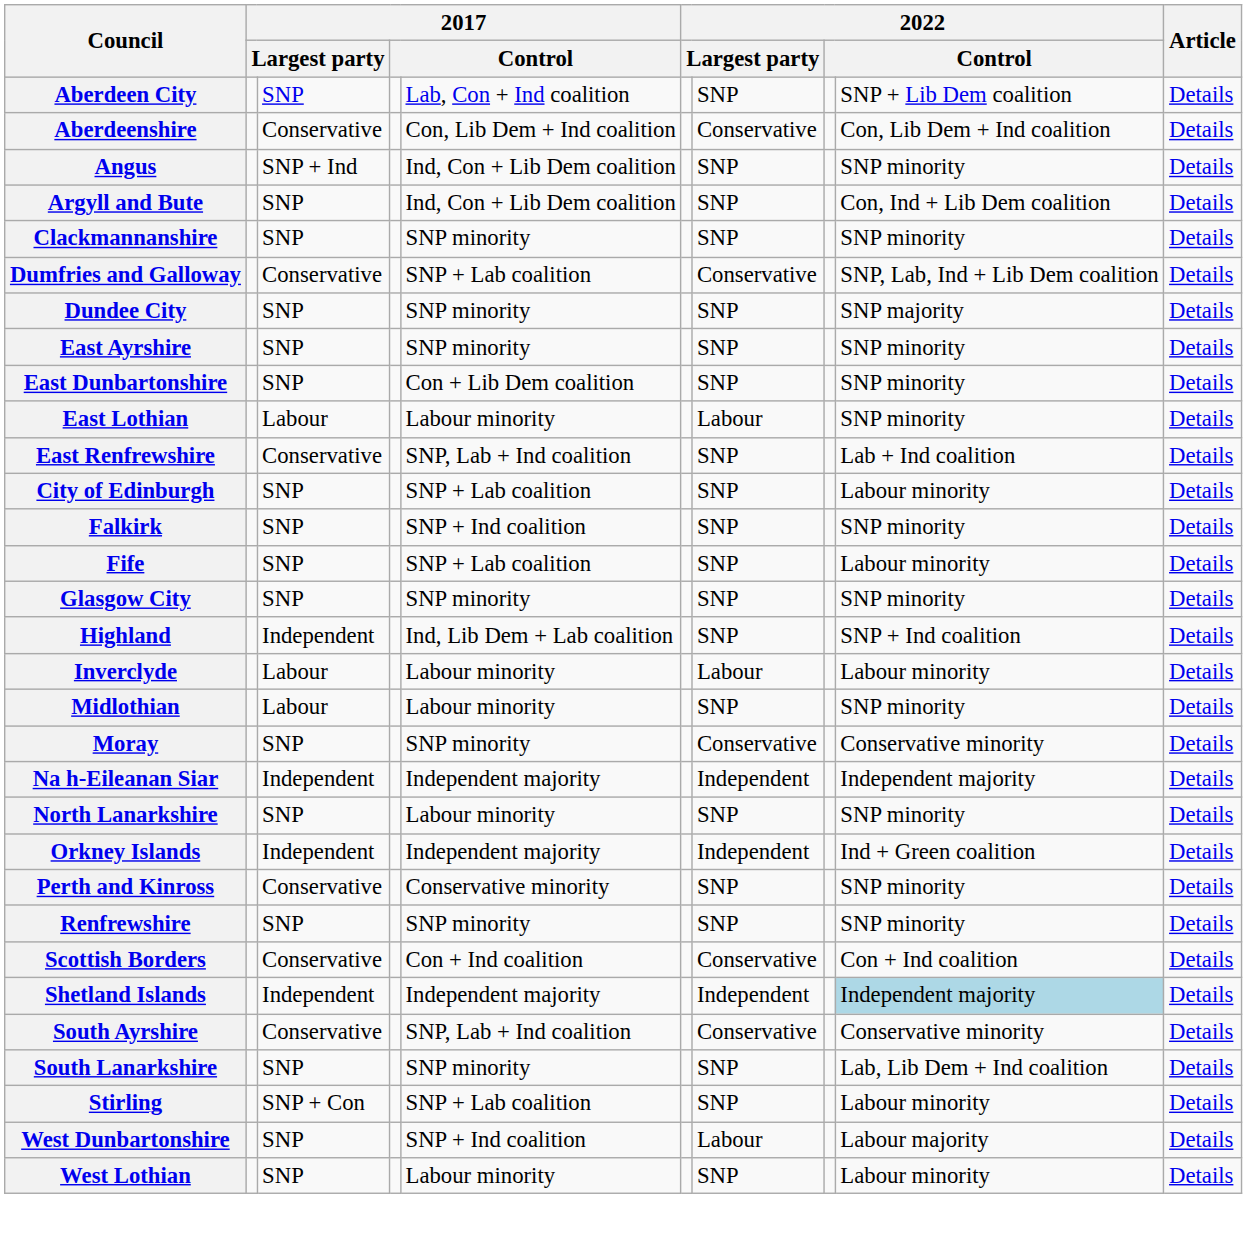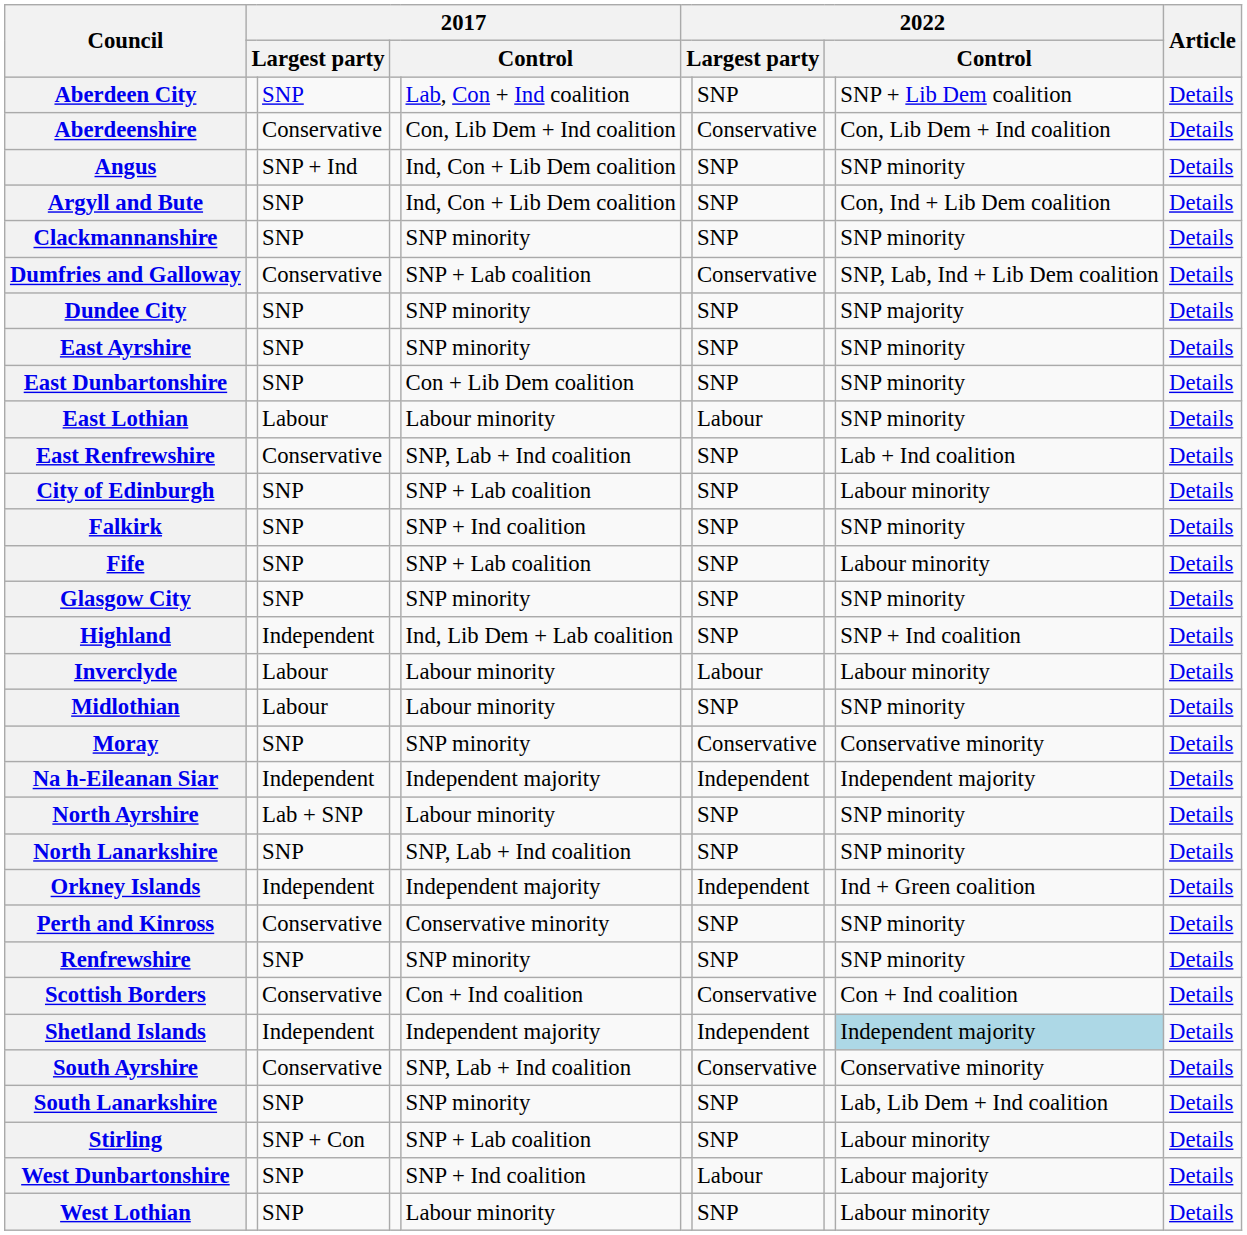 <table class="wikitable">
 <tr>
 <th scope="col" rowspan="2">Council</th>
 <th scope="col" colspan="4">2017</th>
 <th scope="col" colspan="4">2022</th>
 <th scope="col" rowspan="2">Article</th>
 </tr>
 <tr>
 <th colspan="2">Largest party</th>
 <th colspan="2">Control</th>
 <th colspan="2">Largest party</th>
 <th colspan="2">Control</th>
 </tr>
 <tr>
 <th scope="row"><a href='#'>Aberdeen City</a></th>
 <td style="color:inherit;background-color:"></td>
 <td><a href='#'>SNP</a></td>
 <td style="color:inherit;background-color:"></td>
 <td><a href='#'>Lab</a>, <a href='#'>Con</a> + <a href='#'>Ind</a> coalition</td>
 <td style="color:inherit;background-color:"></td>
 <td>SNP</td>
 <td style="color:inherit;background-color:"></td>
 <td>SNP + <a href='#'>Lib Dem</a> coalition</td>
 <td><a href='#'>Details</a></td>
 </tr>
 <tr>
 <th scope="row"><a href='#'>Aberdeenshire</a></th>
 <td style="color:inherit;background-color:"></td>
 <td>Conservative</td>
 <td style="color:inherit;background-color:"></td>
 <td>Con, Lib Dem + Ind coalition</td>
 <td style="color:inherit;background-color:"></td>
 <td>Conservative</td>
 <td style="color:inherit;background-color:"></td>
 <td>Con, Lib Dem + Ind coalition</td>
 <td><a href='#'>Details</a></td>
 </tr>
 <tr>
 <th scope="row"><a href='#'>Angus</a></th>
 <td style="color:inherit;background-color:"></td>
 <td>SNP + Ind</td>
 <td style="color:inherit;background-color:"></td>
 <td>Ind, Con + Lib Dem coalition</td>
 <td style="color:inherit;background-color:"></td>
 <td>SNP</td>
 <td style="color:inherit;background-color:"></td>
 <td>SNP minority</td>
 <td><a href='#'>Details</a></td>
 </tr>
 <tr>
 <th scope="row"><a href='#'>Argyll and Bute</a></th>
 <td style="color:inherit;background-color:"></td>
 <td>SNP</td>
 <td style="color:inherit;background-color:"></td>
 <td>Ind, Con + Lib Dem coalition</td>
 <td style="color:inherit;background-color:"></td>
 <td>SNP</td>
 <td style="color:inherit;background-color:"></td>
 <td>Con, Ind + Lib Dem coalition</td>
 <td scope="row"><a href='#'>Details</a></td>
 </tr>
 <tr>
 <th><a href='#'>Clackmannanshire</a></th>
 <td style="color:inherit;background-color:"></td>
 <td>SNP</td>
 <td style="color:inherit;background-color:"></td>
 <td>SNP minority</td>
 <td style="color:inherit;background-color:"></td>
 <td>SNP</td>
 <td style="color:inherit;background-color:"></td>
 <td>SNP minority</td>
 <td><a href='#'>Details</a></td>
 </tr>
 <tr>
 <th scope="row"><a href='#'>Dumfries and Galloway</a></th>
 <td style="color:inherit;background-color:"></td>
 <td>Conservative</td>
 <td style="color:inherit;background-color:"></td>
 <td>SNP + Lab coalition</td>
 <td style="color:inherit;background-color:"></td>
 <td>Conservative</td>
 <td style="color:inherit;background-color:"></td>
 <td>SNP, Lab, Ind + Lib Dem coalition</td>
 <td><a href='#'>Details</a></td>
 </tr>
 <tr>
 <th scope="row"><a href='#'>Dundee City</a></th>
 <td style="color:inherit;background-color:"></td>
 <td>SNP</td>
 <td style="color:inherit;background-color:"></td>
 <td>SNP minority</td>
 <td style="color:inherit;background-color:"></td>
 <td>SNP</td>
 <td style="color:inherit;background-color:"></td>
 <td>SNP majority</td>
 <td><a href='#'>Details</a></td>
 </tr>
 <tr>
 <th scope="row"><a href='#'>East Ayrshire</a></th>
 <td style="color:inherit;background-color:"></td>
 <td>SNP</td>
 <td style="color:inherit;background-color:"></td>
 <td>SNP minority</td>
 <td style="color:inherit;background-color:"></td>
 <td>SNP</td>
 <td style="color:inherit;background-color:"></td>
 <td>SNP minority</td>
 <td><a href='#'>Details</a></td>
 </tr>
 <tr>
 <th scope="row"><a href='#'>East Dunbartonshire</a></th>
 <td style="color:inherit;background-color:"></td>
 <td>SNP</td>
 <td style="color:inherit;background-color:"></td>
 <td>Con + Lib Dem coalition</td>
 <td style="color:inherit;background-color:"></td>
 <td>SNP</td>
 <td style="color:inherit;background-color:"></td>
 <td>SNP minority</td>
 <td><a href='#'>Details</a></td>
 </tr>
 <tr>
 <th scope="row"><a href='#'>East Lothian</a></th>
 <td style="color:inherit;background-color:"></td>
 <td>Labour</td>
 <td style="color:inherit;background-color:"></td>
 <td>Labour minority</td>
 <td style="color:inherit;background-color:"></td>
 <td>Labour</td>
 <td style="color:inherit;background-color:"></td>
 <td>SNP minority</td>
 <td><a href='#'>Details</a></td>
 </tr>
 <tr>
 <th scope="row"><a href='#'>East Renfrewshire</a></th>
 <td style="color:inherit;background-color:"></td>
 <td>Conservative</td>
 <td style="color:inherit;background-color:"></td>
 <td>SNP, Lab + Ind coalition</td>
 <td style="color:inherit;background-color:"></td>
 <td>SNP</td>
 <td style="color:inherit;background-color:"></td>
 <td>Lab + Ind coalition</td>
 <td><a href='#'>Details</a></td>
 </tr>
 <tr>
 <th scope="row"><a href='#'>City of Edinburgh</a></th>
 <td style="color:inherit;background-color:"></td>
 <td>SNP</td>
 <td style="color:inherit;background-color:"></td>
 <td>SNP + Lab coalition</td>
 <td style="color:inherit;background-color:"></td>
 <td>SNP</td>
 <td style="color:inherit;background-color:"></td>
 <td>Labour minority</td>
 <td><a href='#'>Details</a></td>
 </tr>
 <tr>
 <th scope="row"><a href='#'>Falkirk</a></th>
 <td style="color:inherit;background-color:"></td>
 <td>SNP</td>
 <td style="color:inherit;background-color:"></td>
 <td>SNP + Ind coalition</td>
 <td style="color:inherit;background-color:"></td>
 <td>SNP</td>
 <td style="color:inherit;background-color:"></td>
 <td>SNP minority</td>
 <td><a href='#'>Details</a></td>
 </tr>
 <tr>
 <th scope="row"><a href='#'>Fife</a></th>
 <td style="color:inherit;background-color:"></td>
 <td>SNP</td>
 <td style="color:inherit;background-color:"></td>
 <td>SNP + Lab coalition</td>
 <td style="color:inherit;background-color:"></td>
 <td>SNP</td>
 <td style="color:inherit;background-color:"></td>
 <td>Labour minority</td>
 <td><a href='#'>Details</a></td>
 </tr>
 <tr>
 <th scope="row"><a href='#'>Glasgow City</a></th>
 <td style="color:inherit;background-color:"></td>
 <td>SNP</td>
 <td style="color:inherit;background-color:"></td>
 <td>SNP minority</td>
 <td style="color:inherit;background-color:"></td>
 <td>SNP</td>
 <td style="color:inherit;background-color:"></td>
 <td>SNP minority</td>
 <td><a href='#'>Details</a></td>
 </tr>
 <tr>
 <th scope="row"><a href='#'>Highland</a></th>
 <td style="color:inherit;background-color:"></td>
 <td>Independent</td>
 <td style="color:inherit;background-color:"></td>
 <td>Ind, Lib Dem + Lab coalition</td>
 <td style="color:inherit;background-color:"></td>
 <td>SNP</td>
 <td style="color:inherit;background-color:"></td>
 <td>SNP + Ind coalition</td>
 <td><a href='#'>Details</a></td>
 </tr>
 <tr>
 <th scope="row"><a href='#'>Inverclyde</a></th>
 <td style="color:inherit;background-color:"></td>
 <td>Labour</td>
 <td style="color:inherit;background-color:"></td>
 <td>Labour minority</td>
 <td style="color:inherit;background-color:"></td>
 <td>Labour</td>
 <td style="color:inherit;background-color:"></td>
 <td>Labour minority</td>
 <td><a href='#'>Details</a></td>
 </tr>
 <tr>
 <th scope="row"><a href='#'>Midlothian</a></th>
 <td style="color:inherit;background-color:"></td>
 <td>Labour</td>
 <td style="color:inherit;background-color:"></td>
 <td>Labour minority</td>
 <td style="color:inherit;background-color:"></td>
 <td>SNP</td>
 <td style="color:inherit;background-color:"></td>
 <td>SNP minority</td>
 <td><a href='#'>Details</a></td>
 </tr>
 <tr>
 <th scope="row"><a href='#'>Moray</a></th>
 <td style="color:inherit;background-color:"></td>
 <td>SNP</td>
 <td style="color:inherit;background-color:"></td>
 <td>SNP minority</td>
 <td style="color:inherit;background-color:"></td>
 <td>Conservative</td>
 <td style="color:inherit;background-color:"></td>
 <td>Conservative minority</td>
 <td><a href='#'>Details</a></td>
 </tr>
 <tr>
 <th scope="row"><a href='#'>Na h-Eileanan Siar</a></th>
 <td style="color:inherit;background-color:"></td>
 <td>Independent</td>
 <td style="color:inherit;background-color:"></td>
 <td>Independent majority</td>
 <td style="color:inherit;background-color:"></td>
 <td>Independent</td>
 <td style="color:inherit;background-color:"></td>
 <td>Independent majority</td>
 <td><a href='#'>Details</a></td>
 </tr>
 <tr>
+<th scope="row"><a href='#'>North Ayrshire</a></th>
+<td style="color:inherit;background-color:"></td>
+<td>Lab + SNP</td>
+<td style="color:inherit;background-color:"></td>
+<td>Labour minority</td>
+<td style="color:inherit;background-color:"></td>
+<td>SNP</td>
+<td style="color:inherit;background-color:"></td>
+<td>SNP minority</td>
+<td><a href='#'>Details</a></td>
+</tr>
+<tr>
 <th scope="row"><a href='#'>North Lanarkshire</a></th>
 <td style="color:inherit;background-color:"></td>
 <td>SNP</td>
 <td style="color:inherit;background-color:"></td>
-<td>Labour minority</td>
+<td>SNP, Lab + Ind coalition</td>
 <td style="color:inherit;background-color:"></td>
 <td>SNP</td>
 <td style="color:inherit;background-color:"></td>
 <td>SNP minority</td>
 <td><a href='#'>Details</a></td>
 </tr>
 <tr>
 <th scope="row"><a href='#'>Orkney Islands</a></th>
 <td style="color:inherit;background-color:"></td>
 <td>Independent</td>
 <td style="color:inherit;background-color:"></td>
 <td>Independent majority</td>
 <td style="color:inherit;background-color:"></td>
 <td>Independent</td>
 <td style="color:inherit;background-color:"></td>
 <td>Ind + Green coalition</td>
 <td><a href='#'>Details</a></td>
 </tr>
 <tr>
 <th scope="row"><a href='#'>Perth and Kinross</a></th>
 <td style="color:inherit;background-color:"></td>
 <td>Conservative</td>
 <td style="color:inherit;background-color:"></td>
 <td>Conservative minority</td>
 <td style="color:inherit;background-color:"></td>
 <td>SNP</td>
 <td style="color:inherit;background-color:"></td>
 <td>SNP minority</td>
 <td><a href='#'>Details</a></td>
 </tr>
 <tr>
 <th scope="row"><a href='#'>Renfrewshire</a></th>
 <td style="color:inherit;background-color:"></td>
 <td>SNP</td>
 <td style="color:inherit;background-color:"></td>
 <td>SNP minority</td>
 <td style="color:inherit;background-color:"></td>
 <td>SNP</td>
 <td style="color:inherit;background-color:"></td>
 <td>SNP minority</td>
 <td><a href='#'>Details</a></td>
 </tr>
 <tr>
 <th scope="row"><a href='#'>Scottish Borders</a></th>
 <td style="color:inherit;background-color:"></td>
 <td>Conservative</td>
 <td style="color:inherit;background-color:"></td>
 <td>Con + Ind coalition</td>
 <td style="color:inherit;background-color:"></td>
 <td>Conservative</td>
 <td style="color:inherit;background-color:"></td>
 <td>Con + Ind coalition</td>
 <td><a href='#'>Details</a></td>
 </tr>
 <tr>
 <th scope="row"><a href='#'>Shetland Islands</a></th>
 <td style="color:inherit;background-color:"></td>
 <td>Independent</td>
 <td style="color:inherit;background-color:"></td>
 <td>Independent majority</td>
 <td style="color:inherit;background-color:"></td>
 <td>Independent</td>
 <td style="color:inherit;background-color:"></td>
 <td style="background: lightblue;">Independent majority</td>
 <td><a href='#'>Details</a></td>
 </tr>
 <tr>
 <th scope="row"><a href='#'>South Ayrshire</a></th>
 <td style="color:inherit;background-color:"></td>
 <td>Conservative</td>
 <td style="color:inherit;background-color:"></td>
 <td>SNP, Lab + Ind coalition</td>
 <td style="color:inherit;background-color:"></td>
 <td>Conservative</td>
 <td style="color:inherit;background-color:"></td>
 <td>Conservative minority</td>
 <td><a href='#'>Details</a></td>
 </tr>
 <tr>
 <th scope="row"><a href='#'>South Lanarkshire</a></th>
 <td style="color:inherit;background-color:"></td>
 <td>SNP</td>
 <td style="color:inherit;background-color:"></td>
 <td>SNP minority</td>
 <td style="color:inherit;background-color:"></td>
 <td>SNP</td>
 <td style="color:inherit;background-color:"></td>
 <td>Lab, Lib Dem + Ind coalition</td>
 <td><a href='#'>Details</a></td>
 </tr>
 <tr>
 <th scope="row"><a href='#'>Stirling</a></th>
 <td style="color:inherit;background-color:"></td>
 <td>SNP + Con</td>
 <td style="color:inherit;background-color:"></td>
 <td>SNP + Lab coalition</td>
 <td style="color:inherit;background-color:"></td>
 <td>SNP</td>
 <td style="color:inherit;background-color:"></td>
 <td>Labour minority</td>
 <td><a href='#'>Details</a></td>
 </tr>
 <tr>
 <th scope="row"><a href='#'>West Dunbartonshire</a></th>
 <td style="color:inherit;background-color:"></td>
 <td>SNP</td>
 <td style="color:inherit;background-color:"></td>
 <td>SNP + Ind coalition</td>
 <td style="color:inherit;background-color:"></td>
 <td>Labour</td>
 <td style="color:inherit;background-color:"></td>
 <td>Labour majority</td>
 <td><a href='#'>Details</a></td>
 </tr>
 <tr>
 <th scope="row"><a href='#'>West Lothian</a></th>
 <td style="color:inherit;background-color:"></td>
 <td>SNP</td>
 <td style="color:inherit;background-color:"></td>
 <td>Labour minority</td>
 <td style="color:inherit;background-color:"></td>
 <td>SNP</td>
 <td style="color:inherit;background-color:"></td>
 <td>Labour minority</td>
 <td><a href='#'>Details</a></td>
 </tr>
 </table>
